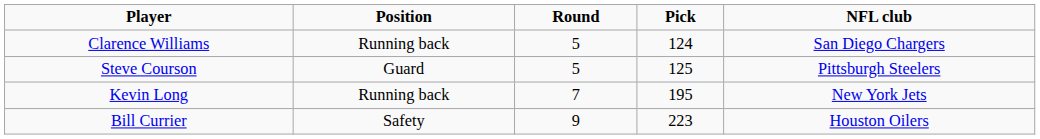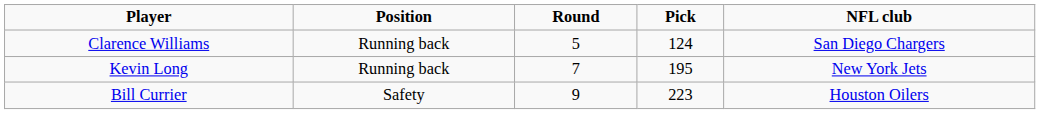 <table class="wikitable" width="80%">
 <tr align="center">
 <td><strong>Player</strong></td>
 <td><strong>Position</strong></td>
 <td><strong>Round</strong></td>
 <td><strong>Pick</strong></td>
 <td><strong>NFL club</strong></td>
 </tr>
 <tr align="center" bgcolor="">
 <td><a href='#'>Clarence Williams</a></td>
 <td>Running back</td>
 <td>5</td>
 <td>124</td>
 <td><a href='#'>San Diego Chargers</a></td>
 </tr>
 <tr align="center" bgcolor="">
-<td><a href='#'>Steve Courson</a></td>
-<td>Guard</td>
-<td>5</td>
-<td>125</td>
-<td><a href='#'>Pittsburgh Steelers</a></td>
-</tr>
-<tr align="center" bgcolor="">
 <td><a href='#'>Kevin Long</a></td>
 <td>Running back</td>
 <td>7</td>
 <td>195</td>
 <td><a href='#'>New York Jets</a></td>
 </tr>
 <tr align="center" bgcolor="">
 <td><a href='#'>Bill Currier</a></td>
 <td>Safety</td>
 <td>9</td>
 <td>223</td>
 <td><a href='#'>Houston Oilers</a></td>
 </tr>
 </table>
